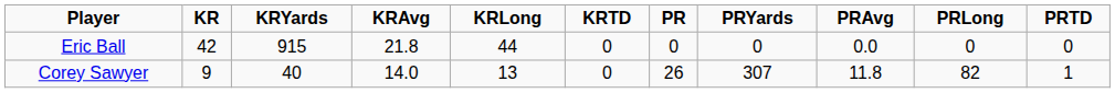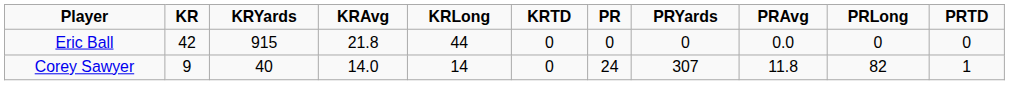 <table class="wikitable" width="80%">
 <tr align="center">
 <td><strong>Player</strong></td>
 <td><strong>KR</strong></td>
 <td><strong>KRYards</strong></td>
 <td><strong>KRAvg</strong></td>
 <td><strong>KRLong</strong></td>
 <td><strong>KRTD</strong></td>
 <td><strong>PR</strong></td>
 <td><strong>PRYards</strong></td>
 <td><strong>PRAvg</strong></td>
 <td><strong>PRLong</strong></td>
 <td><strong>PRTD</strong></td>
 </tr>
 <tr align="center" bgcolor="">
 <td><a href='#'>Eric Ball</a></td>
 <td>42</td>
 <td>915</td>
 <td>21.8</td>
 <td>44</td>
 <td>0</td>
 <td>0</td>
 <td>0</td>
 <td>0.0</td>
 <td>0</td>
 <td>0</td>
 </tr>
 <tr align="center" bgcolor="">
 <td><a href='#'>Corey Sawyer</a></td>
 <td>9</td>
 <td>40</td>
 <td>14.0</td>
-<td>13</td>
+<td>14</td>
 <td>0</td>
-<td>26</td>
+<td>24</td>
 <td>307</td>
 <td>11.8</td>
 <td>82</td>
 <td>1</td>
 </tr>
 </table>
